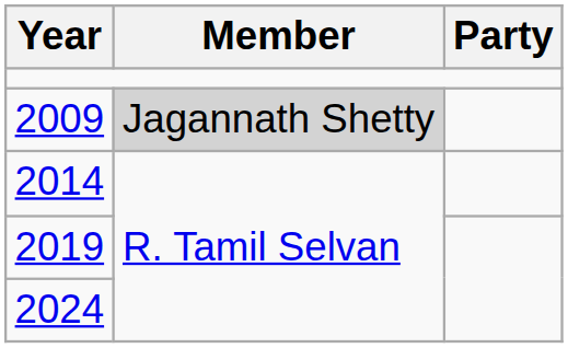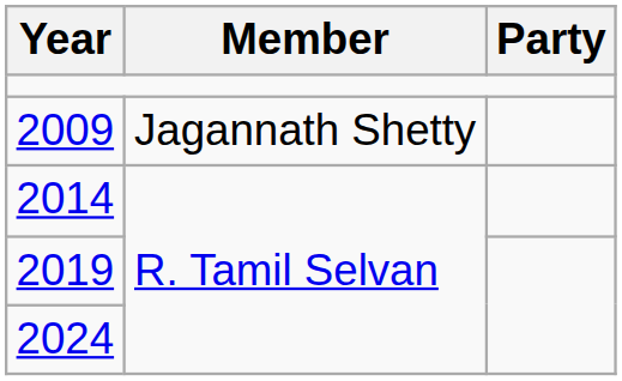 <table class="wikitable">
 <tr>
 <th>Year</th>
 <th>Member</th>
 <th colspan="2">Party</th>
 </tr>
 <tr>
 <td colspan="4"></td>
 </tr>
 <tr>
 <td><a href='#'>2009</a></td>
-<td style="background: lightgrey;">Jagannath Shetty</td>
+<td>Jagannath Shetty</td>
 <td></td>
 </tr>
 <tr>
 <td><a href='#'>2014</a></td>
 <td rowspan="3"><a href='#'>R. Tamil Selvan</a></td>
 <td></td>
 </tr>
 <tr>
 <td><a href='#'>2019</a></td>
 </tr>
 <tr>
 <td><a href='#'>2024</a></td>
 </tr>
 </table>
